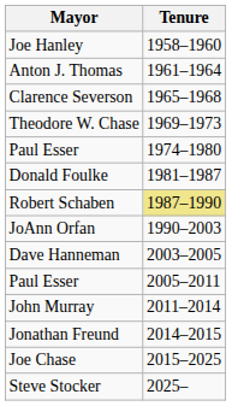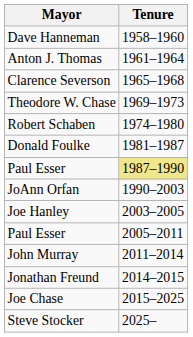 <table class="wikitable">
 <tr>
 <th>Mayor</th>
 <th>Tenure</th>
 </tr>
 <tr>
-<td>Joe Hanley</td>
+<td>Dave Hanneman</td>
 <td>1958–1960</td>
 </tr>
 <tr>
 <td>Anton J. Thomas</td>
 <td>1961–1964</td>
 </tr>
 <tr>
 <td>Clarence Severson</td>
 <td>1965–1968</td>
 </tr>
 <tr>
 <td>Theodore W. Chase</td>
 <td>1969–1973</td>
 </tr>
 <tr>
-<td>Paul Esser</td>
+<td>Robert Schaben</td>
 <td>1974–1980</td>
 </tr>
 <tr>
 <td>Donald Foulke</td>
 <td>1981–1987</td>
 </tr>
 <tr>
-<td>Robert Schaben</td>
+<td>Paul Esser</td>
 <td style="background: khaki;">1987–1990</td>
 </tr>
 <tr>
 <td>JoAnn Orfan</td>
 <td>1990–2003</td>
 </tr>
 <tr>
-<td>Dave Hanneman</td>
+<td>Joe Hanley</td>
 <td>2003–2005</td>
 </tr>
 <tr>
 <td>Paul Esser</td>
 <td>2005–2011</td>
 </tr>
 <tr>
 <td>John Murray</td>
 <td>2011–2014</td>
 </tr>
 <tr>
 <td>Jonathan Freund</td>
 <td>2014–2015</td>
 </tr>
 <tr>
 <td>Joe Chase</td>
 <td>2015–2025</td>
 </tr>
 <tr>
 <td>Steve Stocker</td>
 <td>2025–</td>
 </tr>
 </table>
